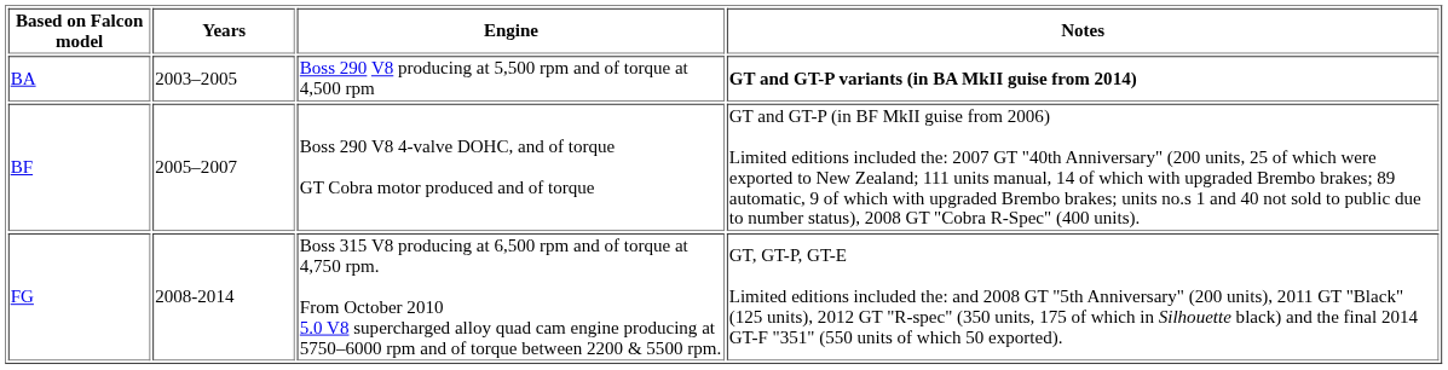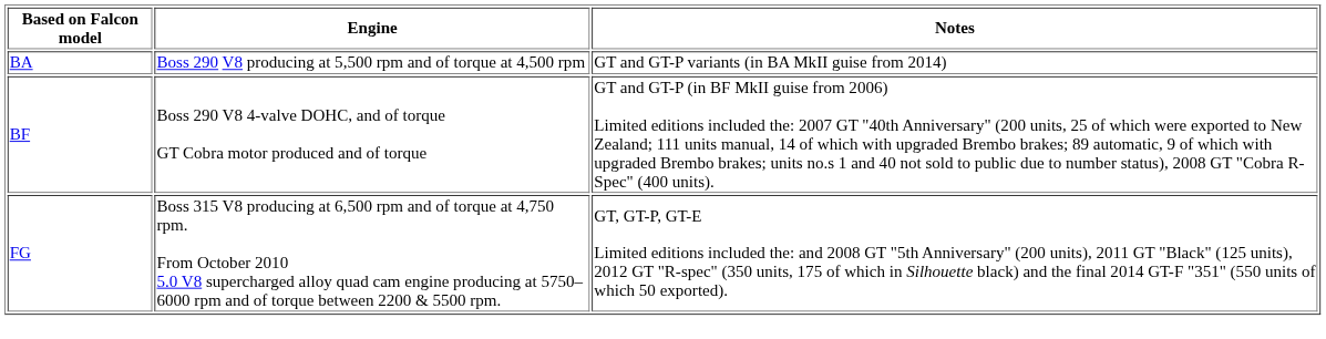 <table border="1"  cellpadding="1">
 <tr>
 <th style="width:10%;">Based on Falcon model</th>
-<th style="width:10%;">Years</th>
 <th style="width:30%;">Engine</th>
 <th style="width:50%;">Notes</th>
 </tr>
 <tr>
 <td><a href='#'>BA</a></td>
-<td>2003–2005</td>
 <td><a href='#'> Boss 290</a> <a href='#'>V8</a> producing  at 5,500 rpm and  of torque at 4,500 rpm</td>
-<td><strong>GT and GT-P variants (in BA MkII guise from 2014)</strong></td>
+<td>GT and GT-P variants (in BA MkII guise from 2014)</td>
 </tr>
 <tr>
 <td><a href='#'>BF</a></td>
-<td>2005–2007</td>
 <td> Boss 290 V8 4-valve DOHC,  and  of torque<br><br>GT Cobra motor produced  and  of torque</td>
 <td>GT and GT-P (in BF MkII guise from 2006)<br><br>Limited editions included the: 2007 GT "40th Anniversary" (200 units, 25 of which were exported to New Zealand; 111 units manual, 14 of which with upgraded Brembo brakes; 89 automatic, 9 of which with upgraded Brembo brakes; units no.s 1 and 40 not sold to public due to number status), 2008 GT "Cobra R-Spec" (400 units).</td>
 </tr>
 <tr>
 <td><a href='#'>FG</a></td>
-<td>2008-2014</td>
 <td> Boss 315 V8 producing  at 6,500 rpm and  of torque at 4,750 rpm.<br><br>From October 2010<br> <a href='#'> 5.0 V8</a> supercharged alloy quad cam engine producing  at 5750–6000 rpm and  of torque between 2200 & 5500 rpm.</td>
 <td>GT, GT-P, GT-E<br><br>Limited editions included the: and 2008 GT "5th Anniversary" (200 units), 2011 GT "Black" (125 units), 2012 GT "R-spec" (350 units, 175 of which in <em>Silhouette</em> black) and the final 2014 GT-F "351" (550 units of which 50 exported).<br></td>
 </tr>
 </table>
